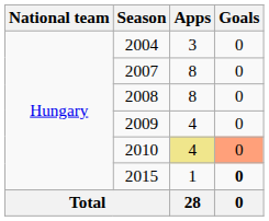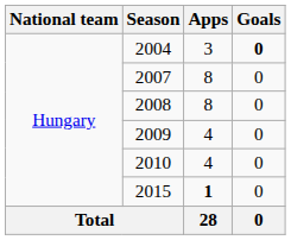 <table class="wikitable" style="text-align:center">
 <tr>
 <th>National team</th>
 <th>Season</th>
 <th>Apps</th>
 <th>Goals</th>
 </tr>
 <tr>
 <td rowspan="6"><a href='#'>Hungary</a></td>
 <td>2004</td>
 <td>3</td>
-<td>0</td>
+<td><strong>0</strong></td>
 </tr>
 <tr>
 <td>2007</td>
 <td>8</td>
 <td>0</td>
 </tr>
 <tr>
 <td>2008</td>
 <td>8</td>
 <td>0</td>
 </tr>
 <tr>
 <td>2009</td>
 <td>4</td>
 <td>0</td>
 </tr>
 <tr>
 <td>2010</td>
-<td style="background: khaki;">4</td>
-<td style="background: lightsalmon;">0</td>
+<td>4</td>
+<td>0</td>
 </tr>
 <tr>
 <td>2015</td>
-<td>1</td>
-<td><strong>0</strong></td>
+<td><strong>1</strong></td>
+<td>0</td>
 </tr>
 <tr>
 <th colspan="2">Total</th>
 <th>28</th>
 <th>0</th>
 </tr>
 </table>
